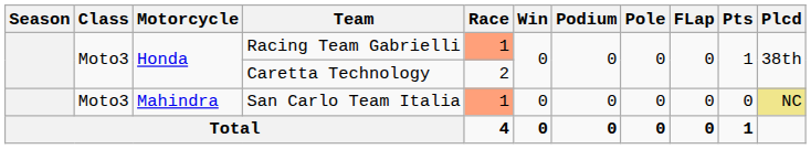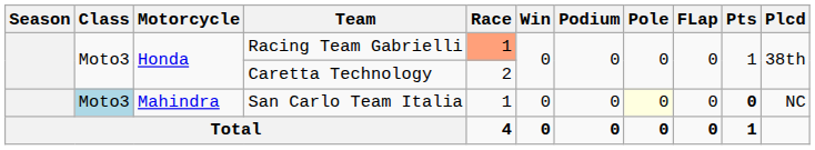 <table class="wikitable" style="text-align:right;">
 <tr>
 <th>Season</th>
 <th>Class</th>
 <th>Motorcycle</th>
 <th>Team</th>
 <th>Race</th>
 <th>Win</th>
 <th>Podium</th>
 <th>Pole</th>
 <th>FLap</th>
 <th>Pts</th>
 <th>Plcd</th>
 </tr>
 <tr>
 <th rowspan="2"></th>
 <td rowspan="2">Moto3</td>
 <td style="text-align:left;" rowspan="2"><a href='#'>Honda</a></td>
 <td style="text-align:left;">Racing Team Gabrielli</td>
 <td style="background: lightsalmon;">1</td>
 <td rowspan="2">0</td>
 <td rowspan="2">0</td>
 <td rowspan="2">0</td>
 <td rowspan="2">0</td>
 <td rowspan="2">1</td>
 <td rowspan="2">38th</td>
 </tr>
 <tr>
 <td style="text-align:left;">Caretta Technology</td>
 <td>2</td>
 </tr>
 <tr>
 <th></th>
-<td>Moto3</td>
+<td style="background: lightblue;">Moto3</td>
 <td style="text-align:left;"><a href='#'>Mahindra</a></td>
 <td style="text-align:left;">San Carlo Team Italia</td>
-<td style="background: lightsalmon;">1</td>
+<td>1</td>
 <td>0</td>
 <td>0</td>
+<td style="background: lightyellow;">0</td>
 <td>0</td>
-<td>0</td>
-<td>0</td>
-<td style="background: khaki;">NC</td>
+<td><strong>0</strong></td>
+<td>NC</td>
 </tr>
 <tr>
 <th colspan="4">Total</th>
 <td><strong>4</strong></td>
 <td><strong>0</strong></td>
 <td><strong>0</strong></td>
 <td><strong>0</strong></td>
 <td><strong>0</strong></td>
 <td><strong>1</strong></td>
 <td></td>
 </tr>
 </table>
